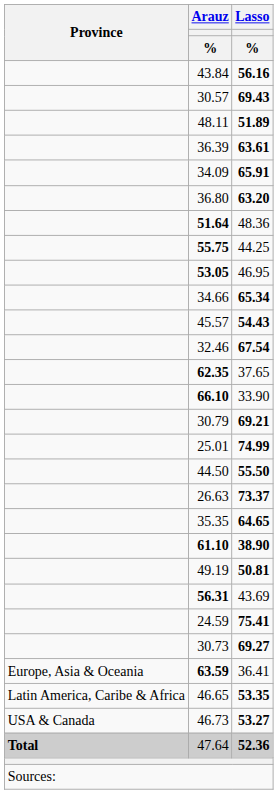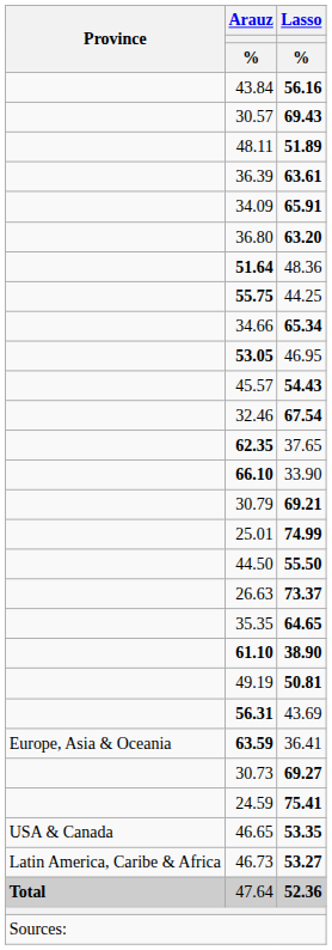 <table class="wikitable sortable" style="text-align:right; font-size:95%; line-height:20px;">
 <tr>
 <th rowspan="3">Province</th>
 <th><a href='#'>Arauz</a></th>
 <th><a href='#'>Lasso</a></th>
 </tr>
 <tr>
 <th style="background:"></th>
 <th style="background:"></th>
 </tr>
 <tr>
 <th data-sort-type="number">%</th>
 <th data-sort-type="number">%</th>
 </tr>
 <tr>
 <td align="left"></td>
 <td>43.84</td>
 <td style="background:"><strong>56.16</strong></td>
 </tr>
 <tr>
 <td align="left"></td>
 <td>30.57</td>
 <td style="background:"><strong>69.43</strong></td>
 </tr>
 <tr>
 <td align="left"></td>
 <td>48.11</td>
 <td style="background:"><strong>51.89</strong></td>
 </tr>
 <tr>
 <td align="left"></td>
 <td>36.39</td>
 <td style="background:"><strong>63.61</strong></td>
 </tr>
 <tr>
 <td align="left"></td>
 <td>34.09</td>
 <td style="background:"><strong>65.91</strong></td>
 </tr>
 <tr>
 <td align="left"></td>
 <td>36.80</td>
 <td style="background:"><strong>63.20</strong></td>
 </tr>
 <tr>
 <td align="left"></td>
 <td style="background:"><strong>51.64</strong></td>
 <td>48.36</td>
 </tr>
 <tr>
 <td align="left"></td>
 <td style="background:"><strong>55.75</strong></td>
 <td>44.25</td>
 </tr>
 <tr>
 <td align="left"></td>
-<td style="background:"><strong>53.05</strong></td>
-<td>46.95</td>
+<td>34.66</td>
+<td style="background:"><strong>65.34</strong></td>
 </tr>
 <tr>
 <td align="left"></td>
-<td>34.66</td>
-<td style="background:"><strong>65.34</strong></td>
+<td style="background:"><strong>53.05</strong></td>
+<td>46.95</td>
 </tr>
 <tr>
 <td align="left"></td>
 <td>45.57</td>
 <td style="background:"><strong>54.43</strong></td>
 </tr>
 <tr>
 <td align="left"></td>
 <td>32.46</td>
 <td style="background:"><strong>67.54</strong></td>
 </tr>
 <tr>
 <td align="left"></td>
 <td style="background:"><strong>62.35</strong></td>
 <td>37.65</td>
 </tr>
 <tr>
 <td align="left"></td>
 <td style="background:"><strong>66.10</strong></td>
 <td>33.90</td>
 </tr>
 <tr>
 <td align="left"></td>
 <td>30.79</td>
 <td style="background:"><strong>69.21</strong></td>
 </tr>
 <tr>
 <td align="left"></td>
 <td>25.01</td>
 <td style="background:"><strong>74.99</strong></td>
 </tr>
 <tr>
 <td align="left"></td>
 <td>44.50</td>
 <td style="background:"><strong>55.50</strong></td>
 </tr>
 <tr>
 <td align="left"></td>
 <td>26.63</td>
 <td style="background:"><strong>73.37</strong></td>
 </tr>
 <tr>
 <td align="left"></td>
 <td>35.35</td>
 <td style="background:"><strong>64.65</strong></td>
 </tr>
 <tr>
 <td align="left"></td>
 <td style="background:"><strong>61.10</strong></td>
 <td><strong>38.90</strong></td>
 </tr>
 <tr>
 <td align="left"></td>
 <td>49.19</td>
 <td style="background:"><strong>50.81</strong></td>
 </tr>
 <tr>
 <td align="left"></td>
 <td style="background:"><strong>56.31</strong></td>
 <td>43.69</td>
 </tr>
 <tr>
-<td align="left"></td>
-<td>24.59</td>
-<td style="background:"><strong>75.41</strong></td>
+<td align="left">Europe, Asia & Oceania</td>
+<td style="background:"><strong>63.59</strong></td>
+<td>36.41</td>
 </tr>
 <tr>
 <td align="left"></td>
 <td>30.73</td>
 <td style="background:"><strong>69.27</strong></td>
 </tr>
 <tr>
-<td align="left">Europe, Asia & Oceania</td>
-<td style="background:"><strong>63.59</strong></td>
-<td>36.41</td>
+<td align="left"></td>
+<td>24.59</td>
+<td style="background:"><strong>75.41</strong></td>
 </tr>
 <tr>
-<td align="left">Latin America, Caribe & Africa</td>
+<td align="left">USA & Canada</td>
 <td>46.65</td>
 <td style="background:"><strong>53.35</strong></td>
 </tr>
 <tr>
-<td align="left">USA & Canada</td>
+<td align="left">Latin America, Caribe & Africa</td>
 <td>46.73</td>
 <td style="background:"><strong>53.27</strong></td>
 </tr>
 <tr style="background:#CDCDCD;">
 <td align="left"><strong>Total</strong></td>
 <td>47.64</td>
 <td style="background:"><strong>52.36</strong></td>
 </tr>
 <tr>
 <th colspan="3"></th>
 </tr>
 <tr>
 <th colspan="3" style="text-align:left; font-weight:normal; background:#F9F9F9">Sources:  </th>
 </tr>
 </table>
